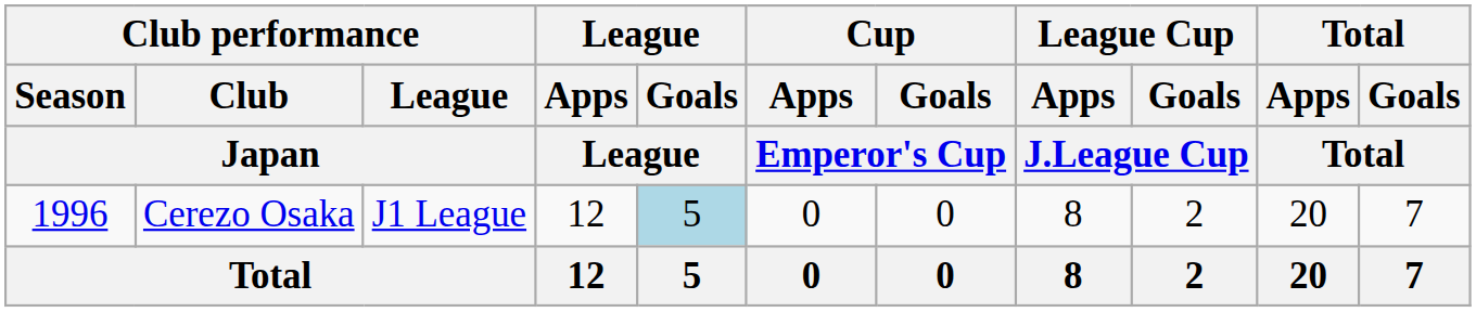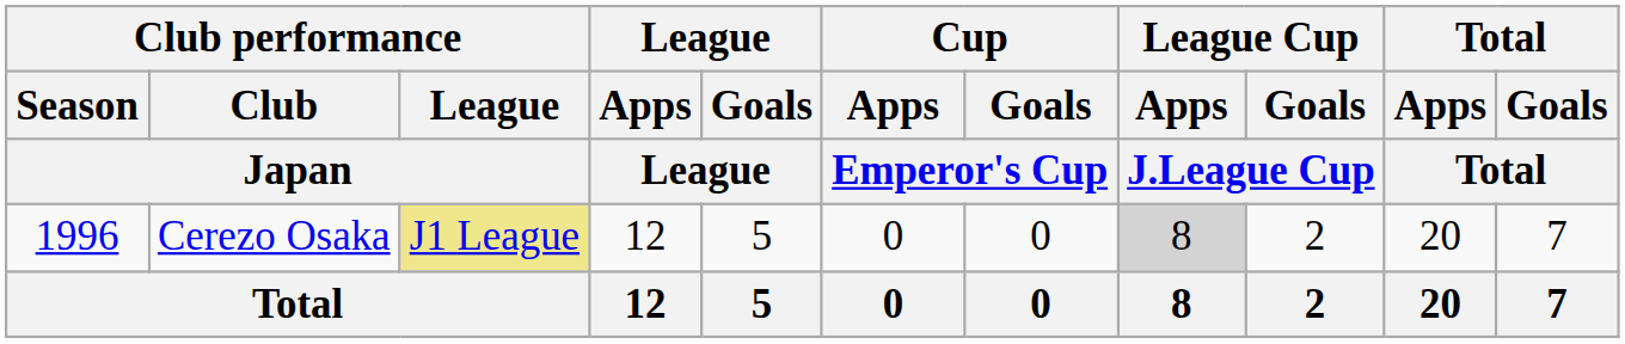 <table class="wikitable" style="text-align:center;">
 <tr>
 <th colspan=3>Club performance</th>
 <th colspan=2>League</th>
 <th colspan=2>Cup</th>
 <th colspan=2>League Cup</th>
 <th colspan=2>Total</th>
 </tr>
 <tr>
 <th>Season</th>
 <th>Club</th>
 <th>League</th>
 <th>Apps</th>
 <th>Goals</th>
 <th>Apps</th>
 <th>Goals</th>
 <th>Apps</th>
 <th>Goals</th>
 <th>Apps</th>
 <th>Goals</th>
 </tr>
 <tr>
 <th colspan=3>Japan</th>
 <th colspan=2>League</th>
 <th colspan=2><a href='#'>Emperor's Cup</a></th>
 <th colspan=2><a href='#'>J.League Cup</a></th>
 <th colspan=2>Total</th>
 </tr>
 <tr>
 <td><a href='#'>1996</a></td>
 <td><a href='#'>Cerezo Osaka</a></td>
-<td><a href='#'>J1 League</a></td>
+<td style="background: khaki;"><a href='#'>J1 League</a></td>
 <td>12</td>
-<td style="background: lightblue;">5</td>
+<td>5</td>
 <td>0</td>
 <td>0</td>
-<td>8</td>
+<td style="background: lightgrey;">8</td>
 <td>2</td>
 <td>20</td>
 <td>7</td>
 </tr>
 <tr>
 <th colspan=3>Total</th>
 <th>12</th>
 <th>5</th>
 <th>0</th>
 <th>0</th>
 <th>8</th>
 <th>2</th>
 <th>20</th>
 <th>7</th>
 </tr>
 </table>
